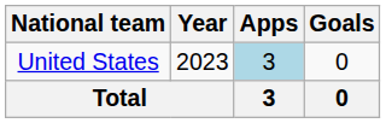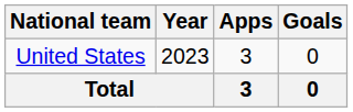 <table class="wikitable" style="text-align:center">
 <tr>
 <th>National team</th>
 <th>Year</th>
 <th>Apps</th>
 <th>Goals</th>
 </tr>
 <tr>
 <td><a href='#'>United States</a></td>
 <td>2023</td>
-<td style="background: lightblue;">3</td>
+<td>3</td>
 <td>0</td>
 </tr>
 <tr>
 <th colspan="2">Total</th>
 <th>3</th>
 <th>0</th>
 </tr>
 </table>
